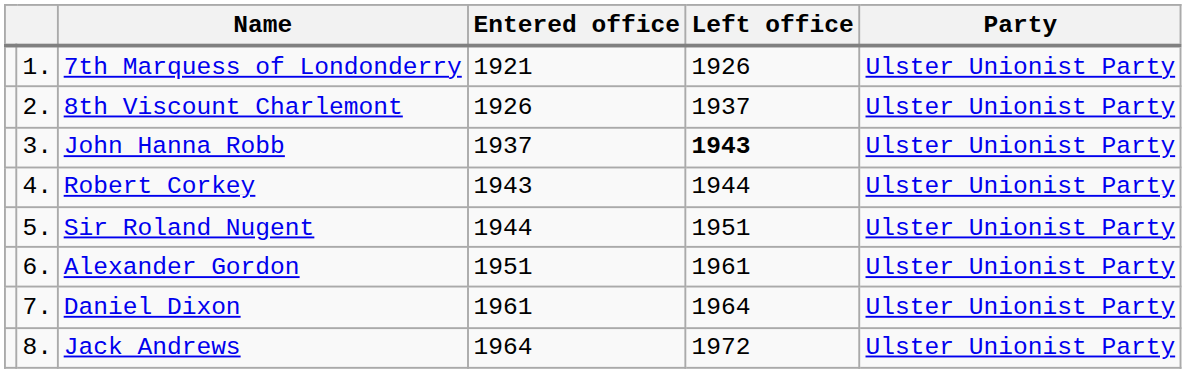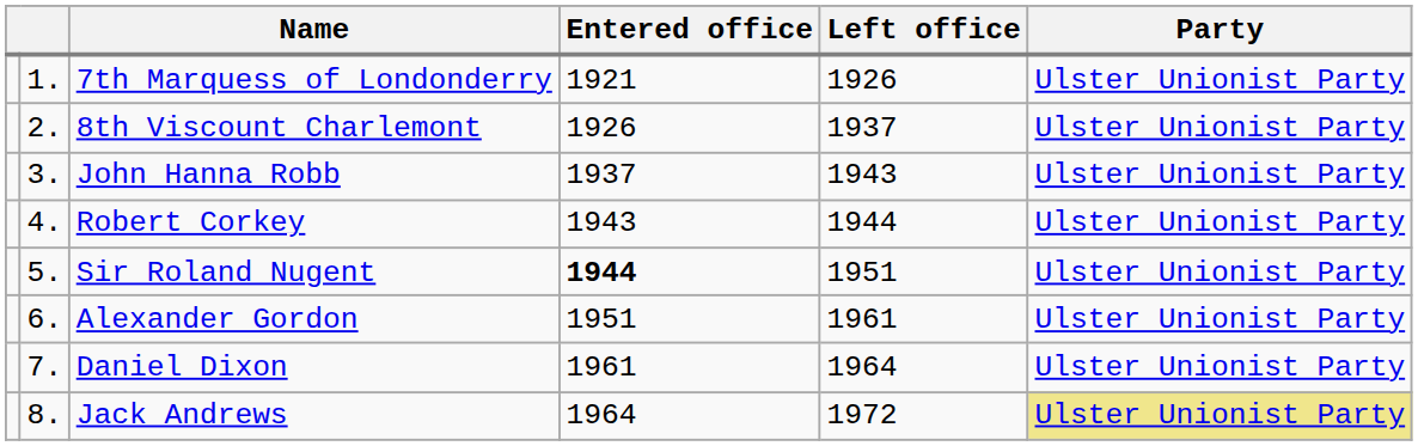 <table class="wikitable">
 <tr style="border-bottom: 2px solid gray;">
 <th colspan="2"></th>
 <th>Name</th>
 <th>Entered office</th>
 <th>Left office</th>
 <th>Party</th>
 </tr>
 <tr>
 <td style="background:"></td>
 <td>1.</td>
 <td><a href='#'>7th Marquess of Londonderry</a></td>
 <td>1921</td>
 <td>1926</td>
 <td><a href='#'>Ulster Unionist Party</a></td>
 </tr>
 <tr>
 <td style="background:"></td>
 <td>2.</td>
 <td><a href='#'>8th Viscount Charlemont</a></td>
 <td>1926</td>
 <td>1937</td>
 <td><a href='#'>Ulster Unionist Party</a></td>
 </tr>
 <tr>
 <td style="background:"></td>
 <td>3.</td>
 <td><a href='#'>John Hanna Robb</a></td>
 <td>1937</td>
-<td><strong>1943</strong></td>
+<td>1943</td>
 <td><a href='#'>Ulster Unionist Party</a></td>
 </tr>
 <tr>
 <td style="background:"></td>
 <td>4.</td>
 <td><a href='#'>Robert Corkey</a></td>
 <td>1943</td>
 <td>1944</td>
 <td><a href='#'>Ulster Unionist Party</a></td>
 </tr>
 <tr>
 <td style="background:"></td>
 <td>5.</td>
 <td><a href='#'>Sir Roland Nugent</a></td>
-<td>1944</td>
+<td><strong>1944</strong></td>
 <td>1951</td>
 <td><a href='#'>Ulster Unionist Party</a></td>
 </tr>
 <tr>
 <td style="background:"></td>
 <td>6.</td>
 <td><a href='#'>Alexander Gordon</a></td>
 <td>1951</td>
 <td>1961</td>
 <td><a href='#'>Ulster Unionist Party</a></td>
 </tr>
 <tr>
 <td style="background:"></td>
 <td>7.</td>
 <td><a href='#'>Daniel Dixon</a></td>
 <td>1961</td>
 <td>1964</td>
 <td><a href='#'>Ulster Unionist Party</a></td>
 </tr>
 <tr>
 <td style="background:"></td>
 <td>8.</td>
 <td><a href='#'>Jack Andrews</a></td>
 <td>1964</td>
 <td>1972</td>
-<td><a href='#'>Ulster Unionist Party</a></td>
+<td style="background: khaki;"><a href='#'>Ulster Unionist Party</a></td>
 </tr>
 </table>
